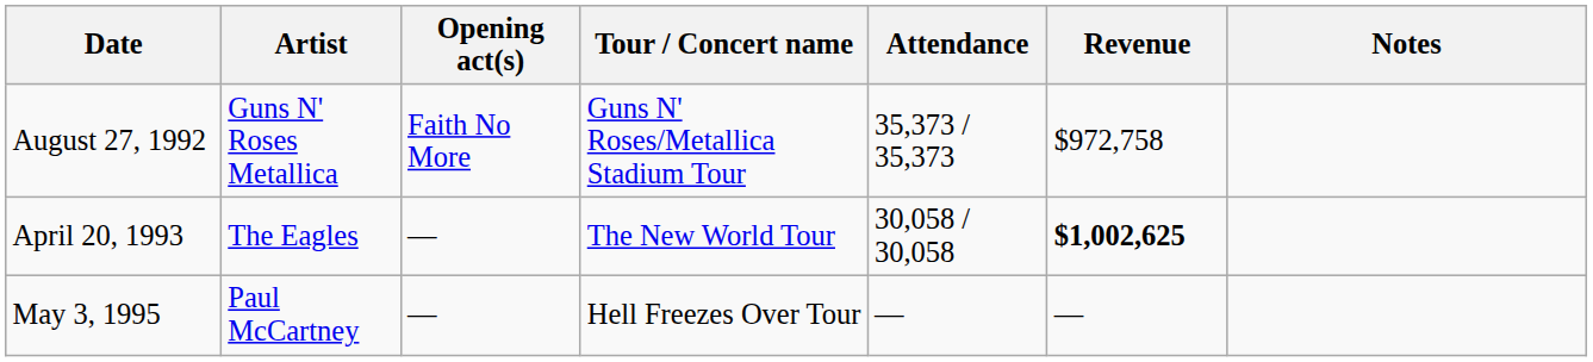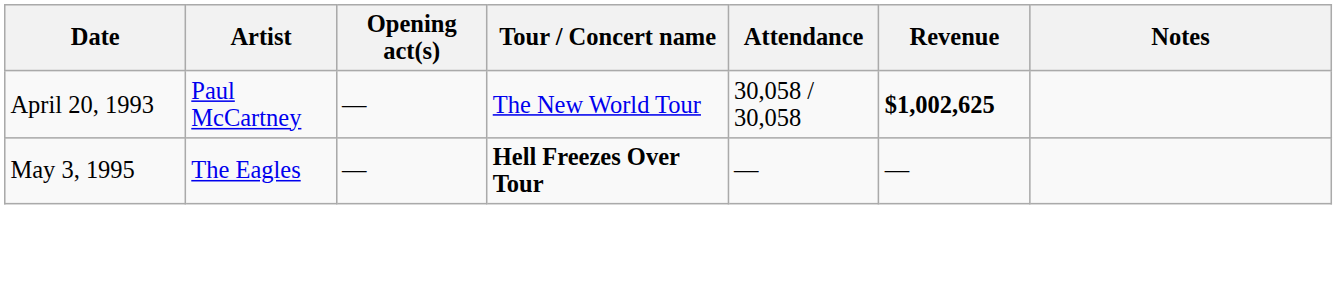 <table class="wikitable" style=font-size:100% style="text-align:center">
 <tr>
 <th width=12% style="text-align:center;">Date</th>
 <th width=10% style="text-align:center;">Artist</th>
 <th width=10% style="text-align:center;">Opening act(s)</th>
 <th width=16% style="text-align:center;">Tour / Concert name</th>
 <th width=10% style="text-align:center;">Attendance</th>
 <th width=10% style="text-align:center;">Revenue</th>
 <th width=20% style="text-align:center;">Notes</th>
 </tr>
 <tr>
-<td>August 27, 1992</td>
-<td><a href='#'>Guns N' Roses</a><br><a href='#'>Metallica</a></td>
-<td><a href='#'>Faith No More</a></td>
-<td><a href='#'>Guns N' Roses/Metallica Stadium Tour</a></td>
-<td>35,373 / 35,373</td>
-<td>$972,758</td>
-<td></td>
-</tr>
-<tr>
 <td>April 20, 1993</td>
-<td><a href='#'>The Eagles</a></td>
+<td><a href='#'>Paul McCartney</a></td>
 <td>—</td>
 <td><a href='#'>The New World Tour</a></td>
 <td>30,058 / 30,058</td>
 <td><strong>$1,002,625</strong></td>
 <td></td>
 </tr>
 <tr>
 <td>May 3, 1995</td>
-<td><a href='#'>Paul McCartney</a></td>
+<td><a href='#'>The Eagles</a></td>
 <td>—</td>
-<td>Hell Freezes Over Tour</td>
+<td><strong>Hell Freezes Over Tour</strong></td>
 <td>—</td>
 <td>—</td>
 <td></td>
 </tr>
 </table>
